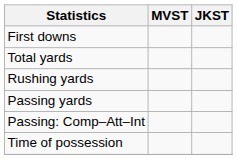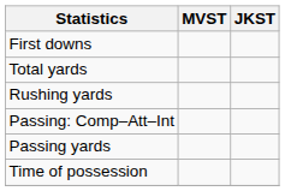 <table class="wikitable" style="float: left;">
 <tr>
 <th>Statistics</th>
 <th>MVST</th>
 <th>JKST</th>
 </tr>
 <tr>
 <td>First downs</td>
 <td></td>
 <td></td>
 </tr>
 <tr>
 <td>Total yards</td>
 <td></td>
 <td></td>
 </tr>
 <tr>
 <td>Rushing yards</td>
 <td></td>
 <td></td>
 </tr>
 <tr>
-<td>Passing yards</td>
+<td>Passing: Comp–Att–Int</td>
 <td></td>
 <td></td>
 </tr>
 <tr>
-<td>Passing: Comp–Att–Int</td>
+<td>Passing yards</td>
 <td></td>
 <td></td>
 </tr>
 <tr>
 <td>Time of possession</td>
 <td></td>
 <td></td>
 </tr>
 <tr>
 </tr>
 </table>
